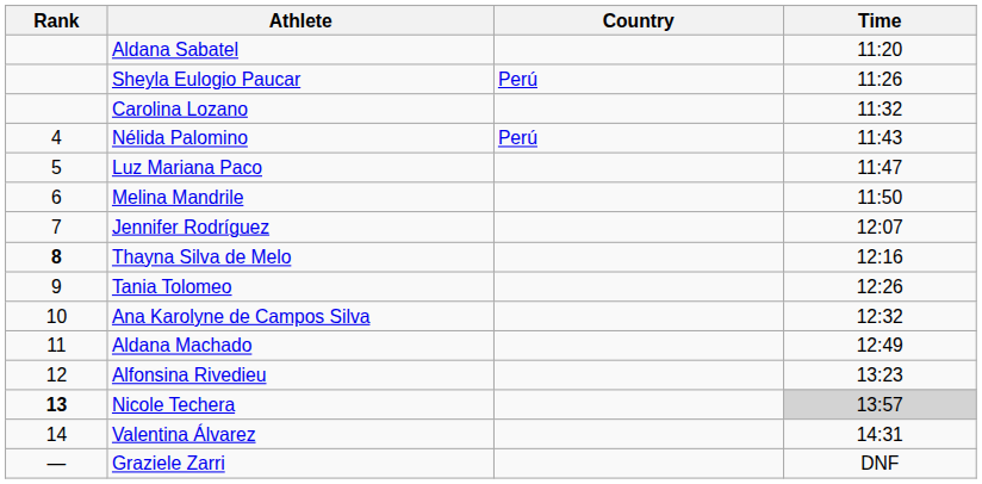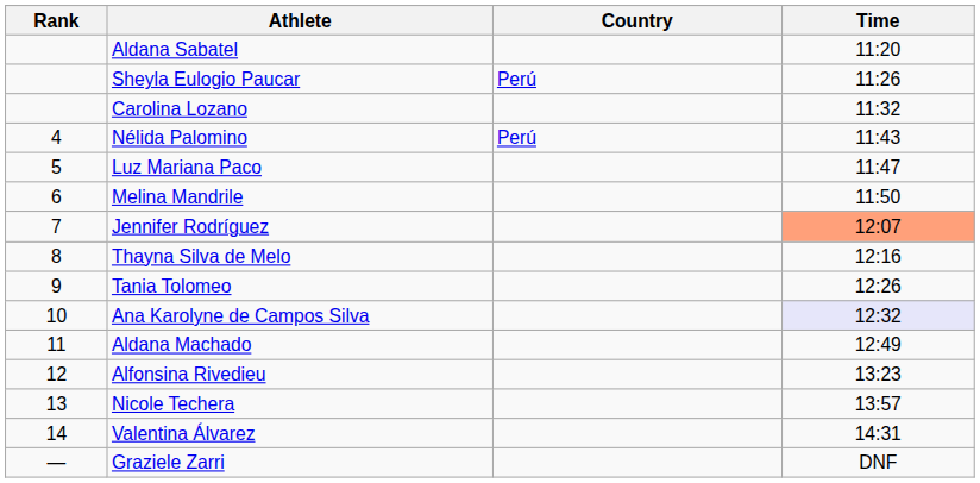 <table class="wikitable sortable" style=" text-align:center; font-size:95%;" width="50%">
 <tr>
 </tr>
 <tr>
 <th width=5%>Rank</th>
 <th width=20%>Athlete</th>
 <th width=15%>Country</th>
 <th width=10%>Time</th>
 </tr>
 <tr>
 <td align=center></td>
 <td align=left><a href='#'>Aldana Sabatel</a></td>
 <td align=left></td>
 <td>11:20</td>
 </tr>
 <tr>
 <td align=center></td>
 <td align=left><a href='#'>Sheyla Eulogio Paucar</a></td>
 <td align=left> <a href='#'>Perú</a></td>
 <td>11:26</td>
 </tr>
 <tr>
 <td align=center></td>
 <td align=left><a href='#'>Carolina Lozano</a></td>
 <td align=left></td>
 <td>11:32</td>
 </tr>
 <tr>
 <td align=center>4</td>
 <td align=left><a href='#'>Nélida Palomino</a></td>
 <td align=left> <a href='#'>Perú</a></td>
 <td>11:43</td>
 </tr>
 <tr>
 <td align=center>5</td>
 <td align=left><a href='#'>Luz Mariana Paco</a></td>
 <td align=left></td>
 <td>11:47</td>
 </tr>
 <tr>
 <td align=center>6</td>
 <td align=left><a href='#'>Melina Mandrile</a></td>
 <td align=left></td>
 <td>11:50</td>
 </tr>
 <tr>
 <td align=center>7</td>
 <td align=left><a href='#'>Jennifer Rodríguez</a></td>
 <td align=left></td>
-<td>12:07</td>
+<td style="background: lightsalmon;">12:07</td>
 </tr>
 <tr>
-<td align=center><strong>8</strong></td>
+<td align=center>8</td>
 <td align=left><a href='#'>Thayna Silva de Melo</a></td>
 <td align=left></td>
 <td>12:16</td>
 </tr>
 <tr>
 <td align=center>9</td>
 <td align=left><a href='#'>Tania Tolomeo</a></td>
 <td align=left></td>
 <td>12:26</td>
 </tr>
 <tr>
 <td align=center>10</td>
 <td align=left><a href='#'>Ana Karolyne de Campos Silva</a></td>
 <td align=left></td>
-<td>12:32</td>
+<td style="background: lavender;">12:32</td>
 </tr>
 <tr>
 <td align=center>11</td>
 <td align=left><a href='#'>Aldana Machado</a></td>
 <td align=left></td>
 <td>12:49</td>
 </tr>
 <tr>
 <td align=center>12</td>
 <td align=left><a href='#'>Alfonsina Rivedieu</a></td>
 <td align=left></td>
 <td>13:23</td>
 </tr>
 <tr>
-<td align=center><strong>13</strong></td>
+<td align=center>13</td>
 <td align=left><a href='#'>Nicole Techera</a></td>
 <td align=left></td>
-<td style="background: lightgrey;">13:57</td>
+<td>13:57</td>
 </tr>
 <tr>
 <td align=center>14</td>
 <td align=left><a href='#'>Valentina Álvarez</a></td>
 <td align=left></td>
 <td>14:31</td>
 </tr>
 <tr>
 <td align=center>—</td>
 <td align=left><a href='#'>Graziele Zarri</a></td>
 <td align=left></td>
 <td>DNF</td>
 </tr>
 </table>
